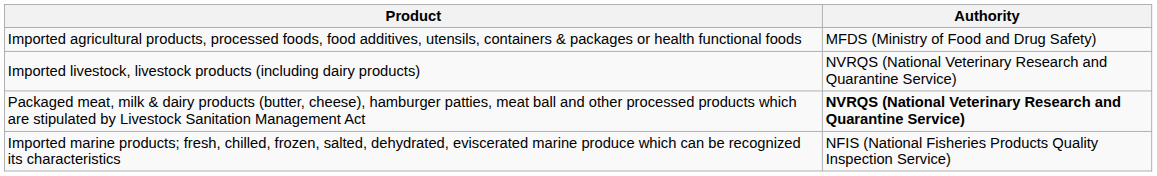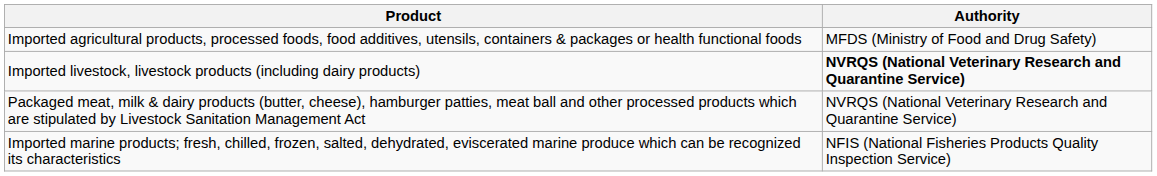 <table class="wikitable">
 <tr>
 <th>Product</th>
 <th>Authority</th>
 </tr>
 <tr>
 <td>Imported agricultural products, processed foods, food additives, utensils, containers & packages or health functional foods</td>
 <td>MFDS (Ministry of Food and Drug Safety)</td>
 </tr>
 <tr>
 <td>Imported livestock, livestock products (including dairy products)</td>
-<td>NVRQS (National Veterinary Research and Quarantine Service)</td>
+<td><strong>NVRQS (National Veterinary Research and Quarantine Service)</strong></td>
 </tr>
 <tr>
 <td>Packaged meat, milk & dairy products (butter, cheese), hamburger patties, meat ball and other processed products which are stipulated by Livestock Sanitation Management Act</td>
-<td><strong>NVRQS (National Veterinary Research and Quarantine Service)</strong></td>
+<td>NVRQS (National Veterinary Research and Quarantine Service)</td>
 </tr>
 <tr>
 <td>Imported marine products; fresh, chilled, frozen, salted, dehydrated, eviscerated marine produce which can be recognized its characteristics</td>
 <td>NFIS (National Fisheries Products Quality Inspection Service)</td>
 </tr>
 </table>
